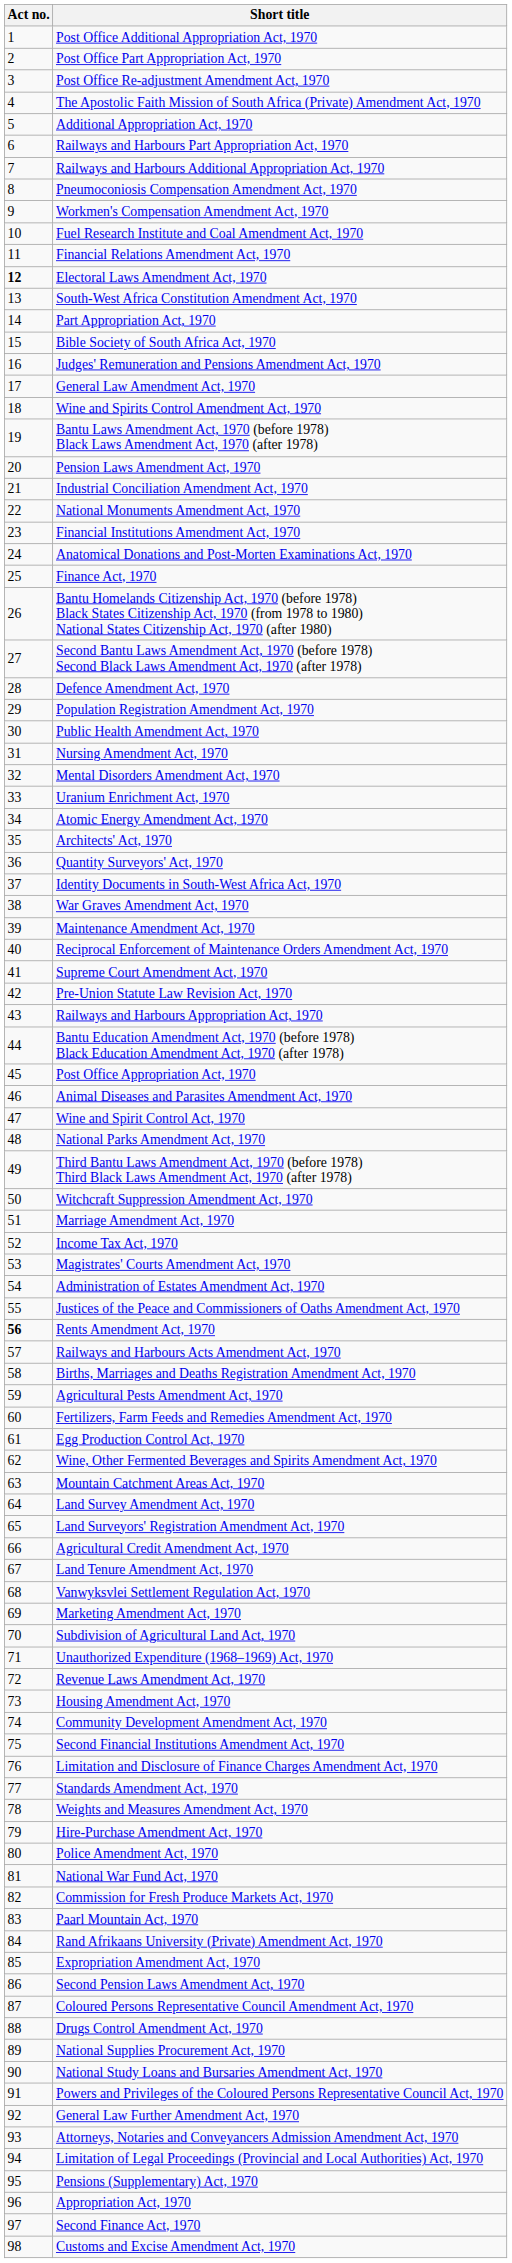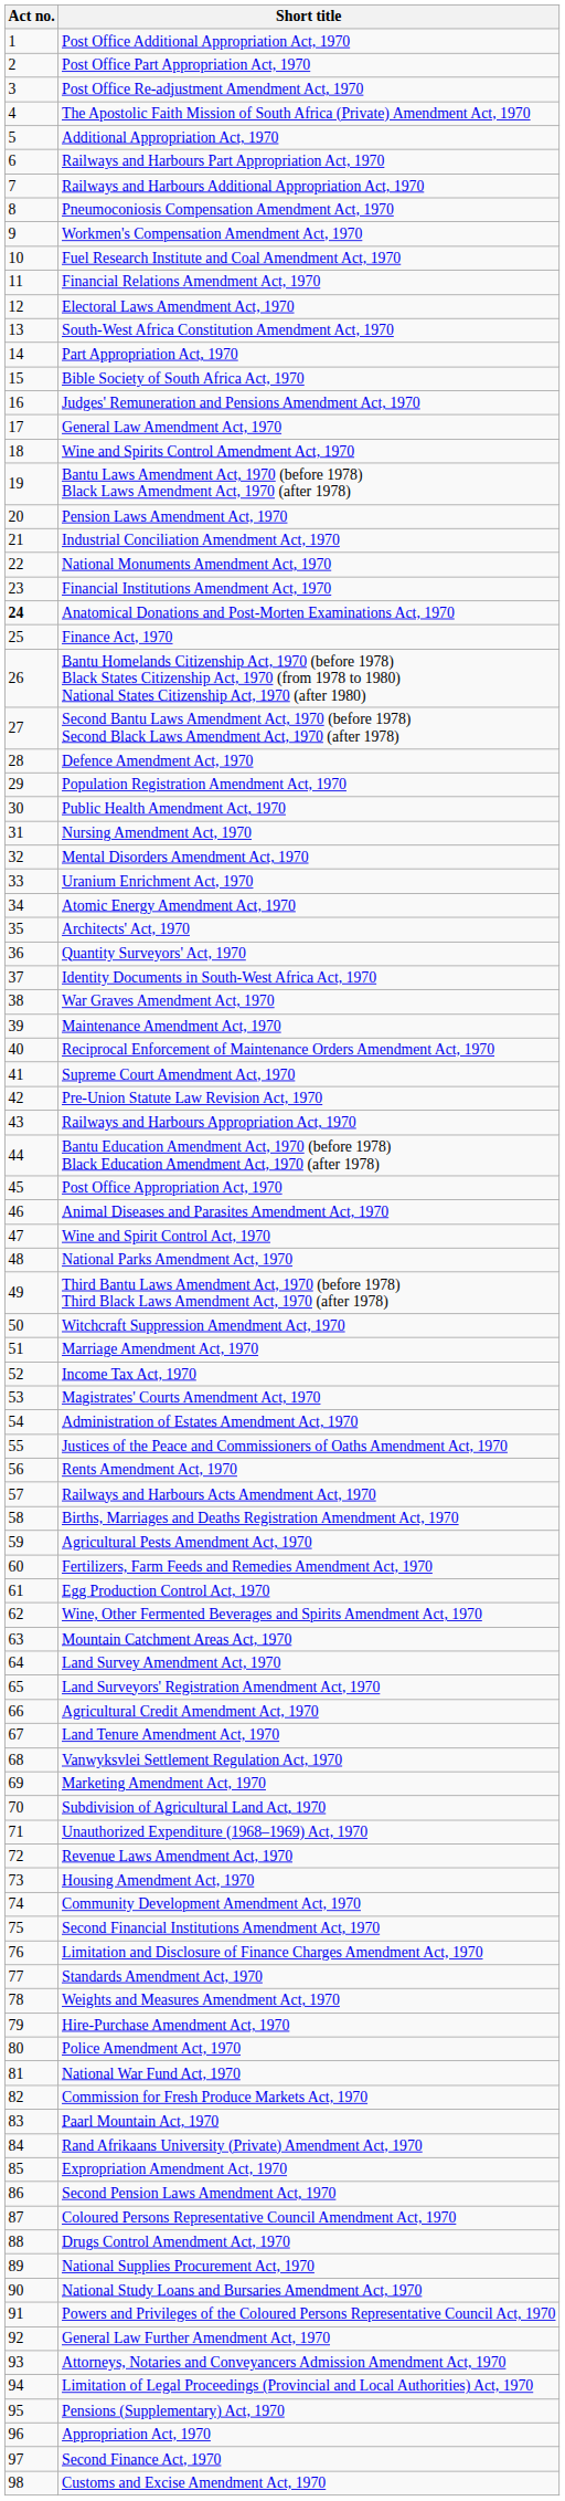 <table class="wikitable sortable">
 <tr>
 <th>Act no.</th>
 <th>Short title</th>
 </tr>
 <tr>
 <td>1</td>
 <td><a href='#'>Post Office Additional Appropriation Act, 1970</a></td>
 </tr>
 <tr>
 <td>2</td>
 <td><a href='#'>Post Office Part Appropriation Act, 1970</a></td>
 </tr>
 <tr>
 <td>3</td>
 <td><a href='#'>Post Office Re-adjustment Amendment Act, 1970</a></td>
 </tr>
 <tr>
 <td>4</td>
 <td><a href='#'>The Apostolic Faith Mission of South Africa (Private) Amendment Act, 1970</a></td>
 </tr>
 <tr>
 <td>5</td>
 <td><a href='#'>Additional Appropriation Act, 1970</a></td>
 </tr>
 <tr>
 <td>6</td>
 <td><a href='#'>Railways and Harbours Part Appropriation Act, 1970</a></td>
 </tr>
 <tr>
 <td>7</td>
 <td><a href='#'>Railways and Harbours Additional Appropriation Act, 1970</a></td>
 </tr>
 <tr>
 <td>8</td>
 <td><a href='#'>Pneumoconiosis Compensation Amendment Act, 1970</a></td>
 </tr>
 <tr>
 <td>9</td>
 <td><a href='#'>Workmen's Compensation Amendment Act, 1970</a></td>
 </tr>
 <tr>
 <td>10</td>
 <td><a href='#'>Fuel Research Institute and Coal Amendment Act, 1970</a></td>
 </tr>
 <tr>
 <td>11</td>
 <td><a href='#'>Financial Relations Amendment Act, 1970</a></td>
 </tr>
 <tr>
-<td><strong>12</strong></td>
+<td>12</td>
 <td><a href='#'>Electoral Laws Amendment Act, 1970</a></td>
 </tr>
 <tr>
 <td>13</td>
 <td><a href='#'>South-West Africa Constitution Amendment Act, 1970</a></td>
 </tr>
 <tr>
 <td>14</td>
 <td><a href='#'>Part Appropriation Act, 1970</a></td>
 </tr>
 <tr>
 <td>15</td>
 <td><a href='#'>Bible Society of South Africa Act, 1970</a></td>
 </tr>
 <tr>
 <td>16</td>
 <td><a href='#'>Judges' Remuneration and Pensions Amendment Act, 1970</a></td>
 </tr>
 <tr>
 <td>17</td>
 <td><a href='#'>General Law Amendment Act, 1970</a></td>
 </tr>
 <tr>
 <td>18</td>
 <td><a href='#'>Wine and Spirits Control Amendment Act, 1970</a></td>
 </tr>
 <tr>
 <td>19</td>
 <td><a href='#'>Bantu Laws Amendment Act, 1970</a> (before 1978) <br><a href='#'>Black Laws Amendment Act, 1970</a> (after 1978)</td>
 </tr>
 <tr>
 <td>20</td>
 <td><a href='#'>Pension Laws Amendment Act, 1970</a></td>
 </tr>
 <tr>
 <td>21</td>
 <td><a href='#'>Industrial Conciliation Amendment Act, 1970</a></td>
 </tr>
 <tr>
 <td>22</td>
 <td><a href='#'>National Monuments Amendment Act, 1970</a></td>
 </tr>
 <tr>
 <td>23</td>
 <td><a href='#'>Financial Institutions Amendment Act, 1970</a></td>
 </tr>
 <tr>
-<td>24</td>
+<td><strong>24</strong></td>
 <td><a href='#'>Anatomical Donations and Post-Morten Examinations Act, 1970</a></td>
 </tr>
 <tr>
 <td>25</td>
 <td><a href='#'>Finance Act, 1970</a></td>
 </tr>
 <tr>
 <td>26</td>
 <td><a href='#'>Bantu Homelands Citizenship Act, 1970</a> (before 1978) <br><a href='#'>Black States Citizenship Act, 1970</a> (from 1978 to 1980) <br><a href='#'>National States Citizenship Act, 1970</a> (after 1980)</td>
 </tr>
 <tr>
 <td>27</td>
 <td><a href='#'>Second Bantu Laws Amendment Act, 1970</a> (before 1978) <br><a href='#'>Second Black Laws Amendment Act, 1970</a> (after 1978)</td>
 </tr>
 <tr>
 <td>28</td>
 <td><a href='#'>Defence Amendment Act, 1970</a></td>
 </tr>
 <tr>
 <td>29</td>
 <td><a href='#'>Population Registration Amendment Act, 1970</a></td>
 </tr>
 <tr>
 <td>30</td>
 <td><a href='#'>Public Health Amendment Act, 1970</a></td>
 </tr>
 <tr>
 <td>31</td>
 <td><a href='#'>Nursing Amendment Act, 1970</a></td>
 </tr>
 <tr>
 <td>32</td>
 <td><a href='#'>Mental Disorders Amendment Act, 1970</a></td>
 </tr>
 <tr>
 <td>33</td>
 <td><a href='#'>Uranium Enrichment Act, 1970</a></td>
 </tr>
 <tr>
 <td>34</td>
 <td><a href='#'>Atomic Energy Amendment Act, 1970</a></td>
 </tr>
 <tr>
 <td>35</td>
 <td><a href='#'>Architects' Act, 1970</a></td>
 </tr>
 <tr>
 <td>36</td>
 <td><a href='#'>Quantity Surveyors' Act, 1970</a></td>
 </tr>
 <tr>
 <td>37</td>
 <td><a href='#'>Identity Documents in South-West Africa Act, 1970</a></td>
 </tr>
 <tr>
 <td>38</td>
 <td><a href='#'>War Graves Amendment Act, 1970</a></td>
 </tr>
 <tr>
 <td>39</td>
 <td><a href='#'>Maintenance Amendment Act, 1970</a></td>
 </tr>
 <tr>
 <td>40</td>
 <td><a href='#'>Reciprocal Enforcement of Maintenance Orders Amendment Act, 1970</a></td>
 </tr>
 <tr>
 <td>41</td>
 <td><a href='#'>Supreme Court Amendment Act, 1970</a></td>
 </tr>
 <tr>
 <td>42</td>
 <td><a href='#'>Pre-Union Statute Law Revision Act, 1970</a></td>
 </tr>
 <tr>
 <td>43</td>
 <td><a href='#'>Railways and Harbours Appropriation Act, 1970</a></td>
 </tr>
 <tr>
 <td>44</td>
 <td><a href='#'>Bantu Education Amendment Act, 1970</a> (before 1978) <br><a href='#'>Black Education Amendment Act, 1970</a> (after 1978)</td>
 </tr>
 <tr>
 <td>45</td>
 <td><a href='#'>Post Office Appropriation Act, 1970</a></td>
 </tr>
 <tr>
 <td>46</td>
 <td><a href='#'>Animal Diseases and Parasites Amendment Act, 1970</a></td>
 </tr>
 <tr>
 <td>47</td>
 <td><a href='#'>Wine and Spirit Control Act, 1970</a></td>
 </tr>
 <tr>
 <td>48</td>
 <td><a href='#'>National Parks Amendment Act, 1970</a></td>
 </tr>
 <tr>
 <td>49</td>
 <td><a href='#'>Third Bantu Laws Amendment Act, 1970</a> (before 1978) <br><a href='#'>Third Black Laws Amendment Act, 1970</a> (after 1978)</td>
 </tr>
 <tr>
 <td>50</td>
 <td><a href='#'>Witchcraft Suppression Amendment Act, 1970</a></td>
 </tr>
 <tr>
 <td>51</td>
 <td><a href='#'>Marriage Amendment Act, 1970</a></td>
 </tr>
 <tr>
 <td>52</td>
 <td><a href='#'>Income Tax Act, 1970</a></td>
 </tr>
 <tr>
 <td>53</td>
 <td><a href='#'>Magistrates' Courts Amendment Act, 1970</a></td>
 </tr>
 <tr>
 <td>54</td>
 <td><a href='#'>Administration of Estates Amendment Act, 1970</a></td>
 </tr>
 <tr>
 <td>55</td>
 <td><a href='#'>Justices of the Peace and Commissioners of Oaths Amendment Act, 1970</a></td>
 </tr>
 <tr>
-<td><strong>56</strong></td>
+<td>56</td>
 <td><a href='#'>Rents Amendment Act, 1970</a></td>
 </tr>
 <tr>
 <td>57</td>
 <td><a href='#'>Railways and Harbours Acts Amendment Act, 1970</a></td>
 </tr>
 <tr>
 <td>58</td>
 <td><a href='#'>Births, Marriages and Deaths Registration Amendment Act, 1970</a></td>
 </tr>
 <tr>
 <td>59</td>
 <td><a href='#'>Agricultural Pests Amendment Act, 1970</a></td>
 </tr>
 <tr>
 <td>60</td>
 <td><a href='#'>Fertilizers, Farm Feeds and Remedies Amendment Act, 1970</a></td>
 </tr>
 <tr>
 <td>61</td>
 <td><a href='#'>Egg Production Control Act, 1970</a></td>
 </tr>
 <tr>
 <td>62</td>
 <td><a href='#'>Wine, Other Fermented Beverages and Spirits Amendment Act, 1970</a></td>
 </tr>
 <tr>
 <td>63</td>
 <td><a href='#'>Mountain Catchment Areas Act, 1970</a></td>
 </tr>
 <tr>
 <td>64</td>
 <td><a href='#'>Land Survey Amendment Act, 1970</a></td>
 </tr>
 <tr>
 <td>65</td>
 <td><a href='#'>Land Surveyors' Registration Amendment Act, 1970</a></td>
 </tr>
 <tr>
 <td>66</td>
 <td><a href='#'>Agricultural Credit Amendment Act, 1970</a></td>
 </tr>
 <tr>
 <td>67</td>
 <td><a href='#'>Land Tenure Amendment Act, 1970</a></td>
 </tr>
 <tr>
 <td>68</td>
 <td><a href='#'>Vanwyksvlei Settlement Regulation Act, 1970</a></td>
 </tr>
 <tr>
 <td>69</td>
 <td><a href='#'>Marketing Amendment Act, 1970</a></td>
 </tr>
 <tr>
 <td>70</td>
 <td><a href='#'>Subdivision of Agricultural Land Act, 1970</a></td>
 </tr>
 <tr>
 <td>71</td>
 <td><a href='#'>Unauthorized Expenditure (1968–1969) Act, 1970</a></td>
 </tr>
 <tr>
 <td>72</td>
 <td><a href='#'>Revenue Laws Amendment Act, 1970</a></td>
 </tr>
 <tr>
 <td>73</td>
 <td><a href='#'>Housing Amendment Act, 1970</a></td>
 </tr>
 <tr>
 <td>74</td>
 <td><a href='#'>Community Development Amendment Act, 1970</a></td>
 </tr>
 <tr>
 <td>75</td>
 <td><a href='#'>Second Financial Institutions Amendment Act, 1970</a></td>
 </tr>
 <tr>
 <td>76</td>
 <td><a href='#'>Limitation and Disclosure of Finance Charges Amendment Act, 1970</a></td>
 </tr>
 <tr>
 <td>77</td>
 <td><a href='#'>Standards Amendment Act, 1970</a></td>
 </tr>
 <tr>
 <td>78</td>
 <td><a href='#'>Weights and Measures Amendment Act, 1970</a></td>
 </tr>
 <tr>
 <td>79</td>
 <td><a href='#'>Hire-Purchase Amendment Act, 1970</a></td>
 </tr>
 <tr>
 <td>80</td>
 <td><a href='#'>Police Amendment Act, 1970</a></td>
 </tr>
 <tr>
 <td>81</td>
 <td><a href='#'>National War Fund Act, 1970</a></td>
 </tr>
 <tr>
 <td>82</td>
 <td><a href='#'>Commission for Fresh Produce Markets Act, 1970</a></td>
 </tr>
 <tr>
 <td>83</td>
 <td><a href='#'>Paarl Mountain Act, 1970</a></td>
 </tr>
 <tr>
 <td>84</td>
 <td><a href='#'>Rand Afrikaans University (Private) Amendment Act, 1970</a></td>
 </tr>
 <tr>
 <td>85</td>
 <td><a href='#'>Expropriation Amendment Act, 1970</a></td>
 </tr>
 <tr>
 <td>86</td>
 <td><a href='#'>Second Pension Laws Amendment Act, 1970</a></td>
 </tr>
 <tr>
 <td>87</td>
 <td><a href='#'>Coloured Persons Representative Council Amendment Act, 1970</a></td>
 </tr>
 <tr>
 <td>88</td>
 <td><a href='#'>Drugs Control Amendment Act, 1970</a></td>
 </tr>
 <tr>
 <td>89</td>
 <td><a href='#'>National Supplies Procurement Act, 1970</a></td>
 </tr>
 <tr>
 <td>90</td>
 <td><a href='#'>National Study Loans and Bursaries Amendment Act, 1970</a></td>
 </tr>
 <tr>
 <td>91</td>
 <td><a href='#'>Powers and Privileges of the Coloured Persons Representative Council Act, 1970</a></td>
 </tr>
 <tr>
 <td>92</td>
 <td><a href='#'>General Law Further Amendment Act, 1970</a></td>
 </tr>
 <tr>
 <td>93</td>
 <td><a href='#'>Attorneys, Notaries and Conveyancers Admission Amendment Act, 1970</a></td>
 </tr>
 <tr>
 <td>94</td>
 <td><a href='#'>Limitation of Legal Proceedings (Provincial and Local Authorities) Act, 1970</a></td>
 </tr>
 <tr>
 <td>95</td>
 <td><a href='#'>Pensions (Supplementary) Act, 1970</a></td>
 </tr>
 <tr>
 <td>96</td>
 <td><a href='#'>Appropriation Act, 1970</a></td>
 </tr>
 <tr>
 <td>97</td>
 <td><a href='#'>Second Finance Act, 1970</a></td>
 </tr>
 <tr>
 <td>98</td>
 <td><a href='#'>Customs and Excise Amendment Act, 1970</a></td>
 </tr>
 </table>
